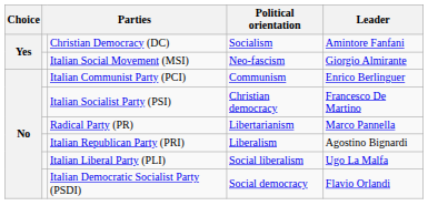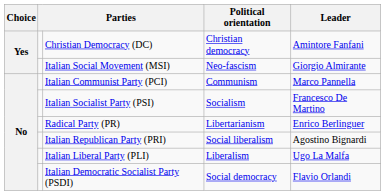 <table class="wikitable">
 <tr>
 <th>Choice</th>
 <th colspan=2>Parties</th>
 <th>Political orientation</th>
 <th>Leader</th>
 </tr>
 <tr>
 <th rowspan="2"> Yes</th>
 <td style="background-color: "></td>
 <td><a href='#'>Christian Democracy</a> (DC)</td>
-<td><a href='#'>Socialism</a></td>
+<td><a href='#'>Christian democracy</a></td>
 <td><a href='#'>Amintore Fanfani</a></td>
 </tr>
 <tr>
 <td style="background-color:"></td>
 <td><a href='#'>Italian Social Movement</a> (MSI)</td>
 <td><a href='#'>Neo-fascism</a></td>
 <td><a href='#'>Giorgio Almirante</a></td>
 </tr>
 <tr>
 <th rowspan="6"> No</th>
 <td style="background-color:"></td>
 <td><a href='#'>Italian Communist Party</a> (PCI)</td>
 <td><a href='#'>Communism</a></td>
-<td><a href='#'>Enrico Berlinguer</a></td>
+<td><a href='#'>Marco Pannella</a></td>
 </tr>
 <tr>
 <td style="background:"></td>
 <td><a href='#'>Italian Socialist Party</a> (PSI)</td>
-<td><a href='#'>Christian democracy</a></td>
+<td><a href='#'>Socialism</a></td>
 <td><a href='#'>Francesco De Martino</a></td>
 </tr>
 <tr>
 <td style="background-color:"></td>
 <td><a href='#'>Radical Party</a> (PR)</td>
 <td><a href='#'>Libertarianism</a></td>
-<td><a href='#'>Marco Pannella</a></td>
+<td><a href='#'>Enrico Berlinguer</a></td>
 </tr>
 <tr>
 <td style="background:"></td>
 <td><a href='#'>Italian Republican Party</a> (PRI)</td>
-<td><a href='#'>Liberalism</a></td>
+<td><a href='#'>Social liberalism</a></td>
 <td>Agostino Bignardi</td>
 </tr>
 <tr>
 <td style="background-color: "></td>
 <td><a href='#'>Italian Liberal Party</a> (PLI)</td>
-<td><a href='#'>Social liberalism</a></td>
+<td><a href='#'>Liberalism</a></td>
 <td><a href='#'>Ugo La Malfa</a></td>
 </tr>
 <tr>
 <td></td>
 <td><a href='#'>Italian Democratic Socialist Party</a> (PSDI)</td>
 <td><a href='#'>Social democracy</a></td>
 <td><a href='#'>Flavio Orlandi</a></td>
 </tr>
 </table>
